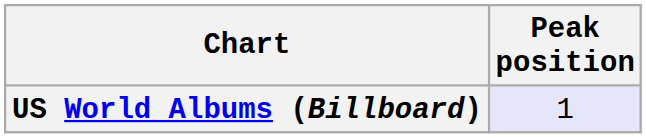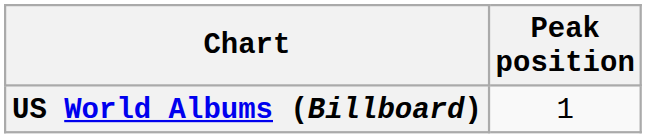 <table class="wikitable plainrowheaders">
 <tr>
 <th scope="col">Chart</th>
 <th scope="col">Peak<br>position</th>
 </tr>
 <tr>
 <th scope="row">US <a href='#'>World Albums</a> (<em>Billboard</em>)</th>
-<td style="background: lavender; text-align:center;">1</td>
+<td style="text-align:center;">1</td>
 </tr>
 </table>
